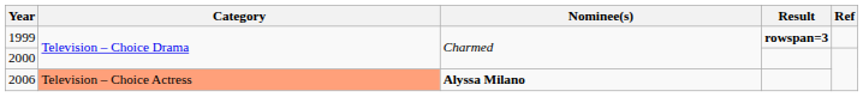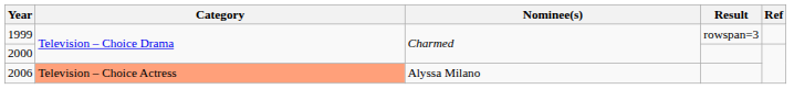 <table class="wikitable">
 <tr>
 <th>Year</th>
 <th width=470>Category</th>
 <th width=375>Nominee(s)</th>
 <th width=65>Result</th>
 <th>Ref</th>
 </tr>
 <tr>
 <td>1999</td>
 <td rowspan=2><a href='#'>Television – Choice Drama</a></td>
 <td rowspan=2><em>Charmed</em></td>
-<td><strong>rowspan=3 </strong></td>
+<td>rowspan=3 </td>
 <td></td>
 </tr>
 <tr>
 <td>2000</td>
 <td></td>
 </tr>
 <tr>
 <td>2006</td>
 <td style="background: lightsalmon;">Television – Choice Actress</td>
-<td><strong>Alyssa Milano</strong></td>
+<td>Alyssa Milano</td>
 <td></td>
 </tr>
 </table>
